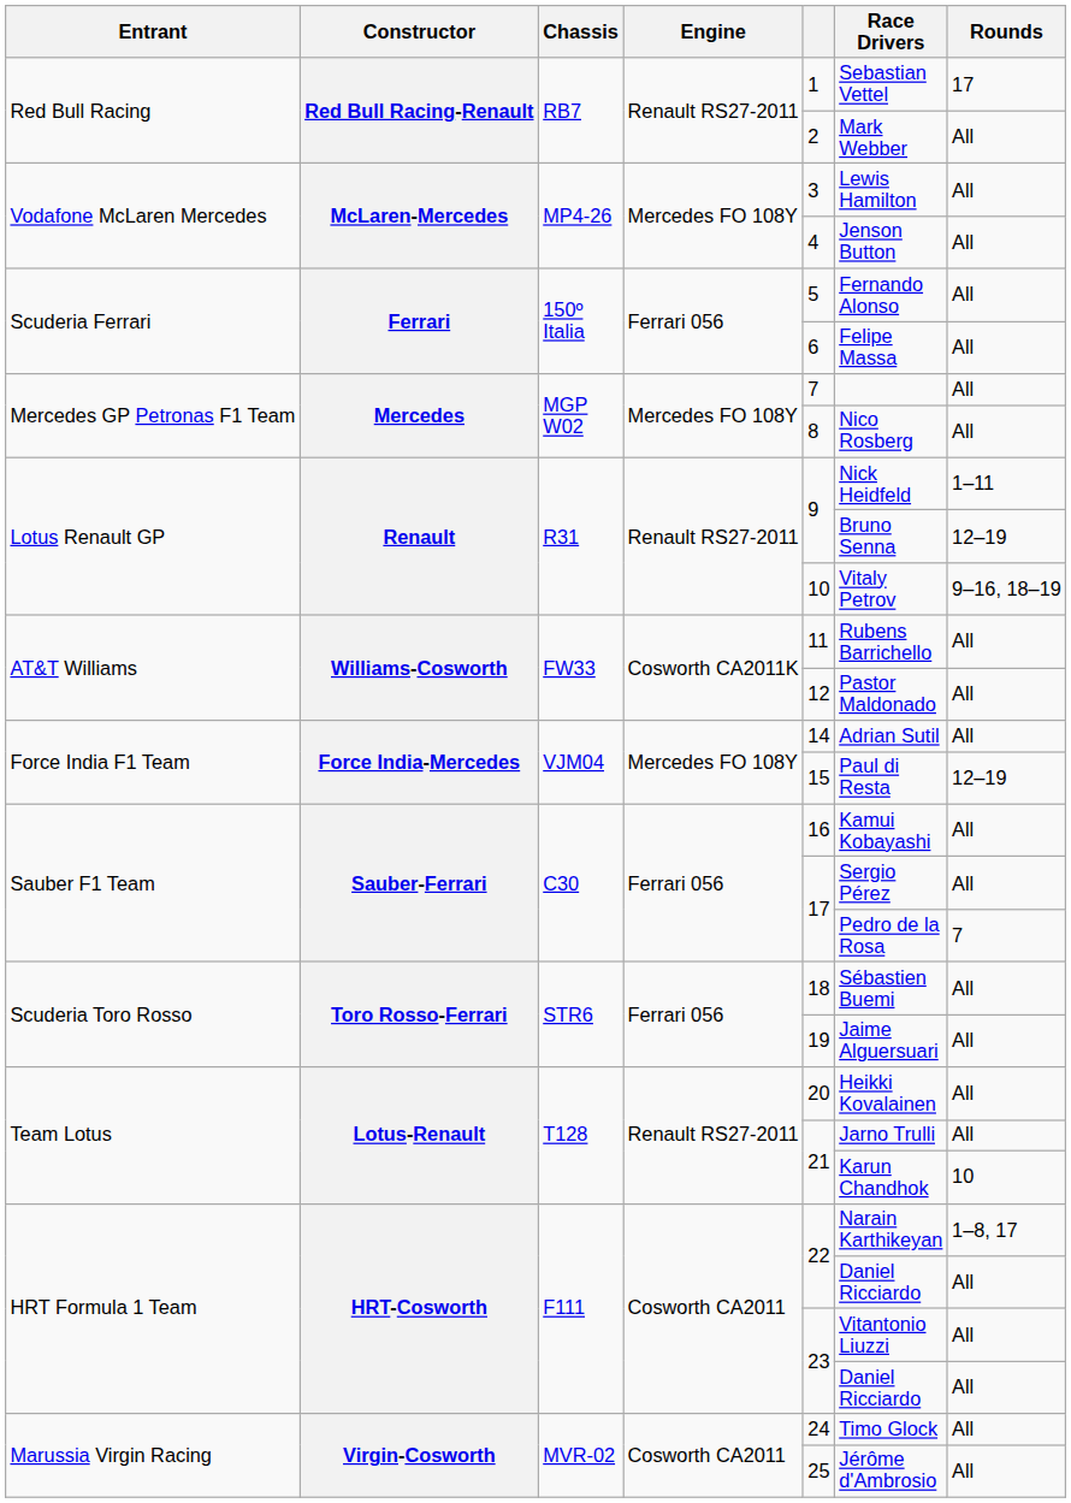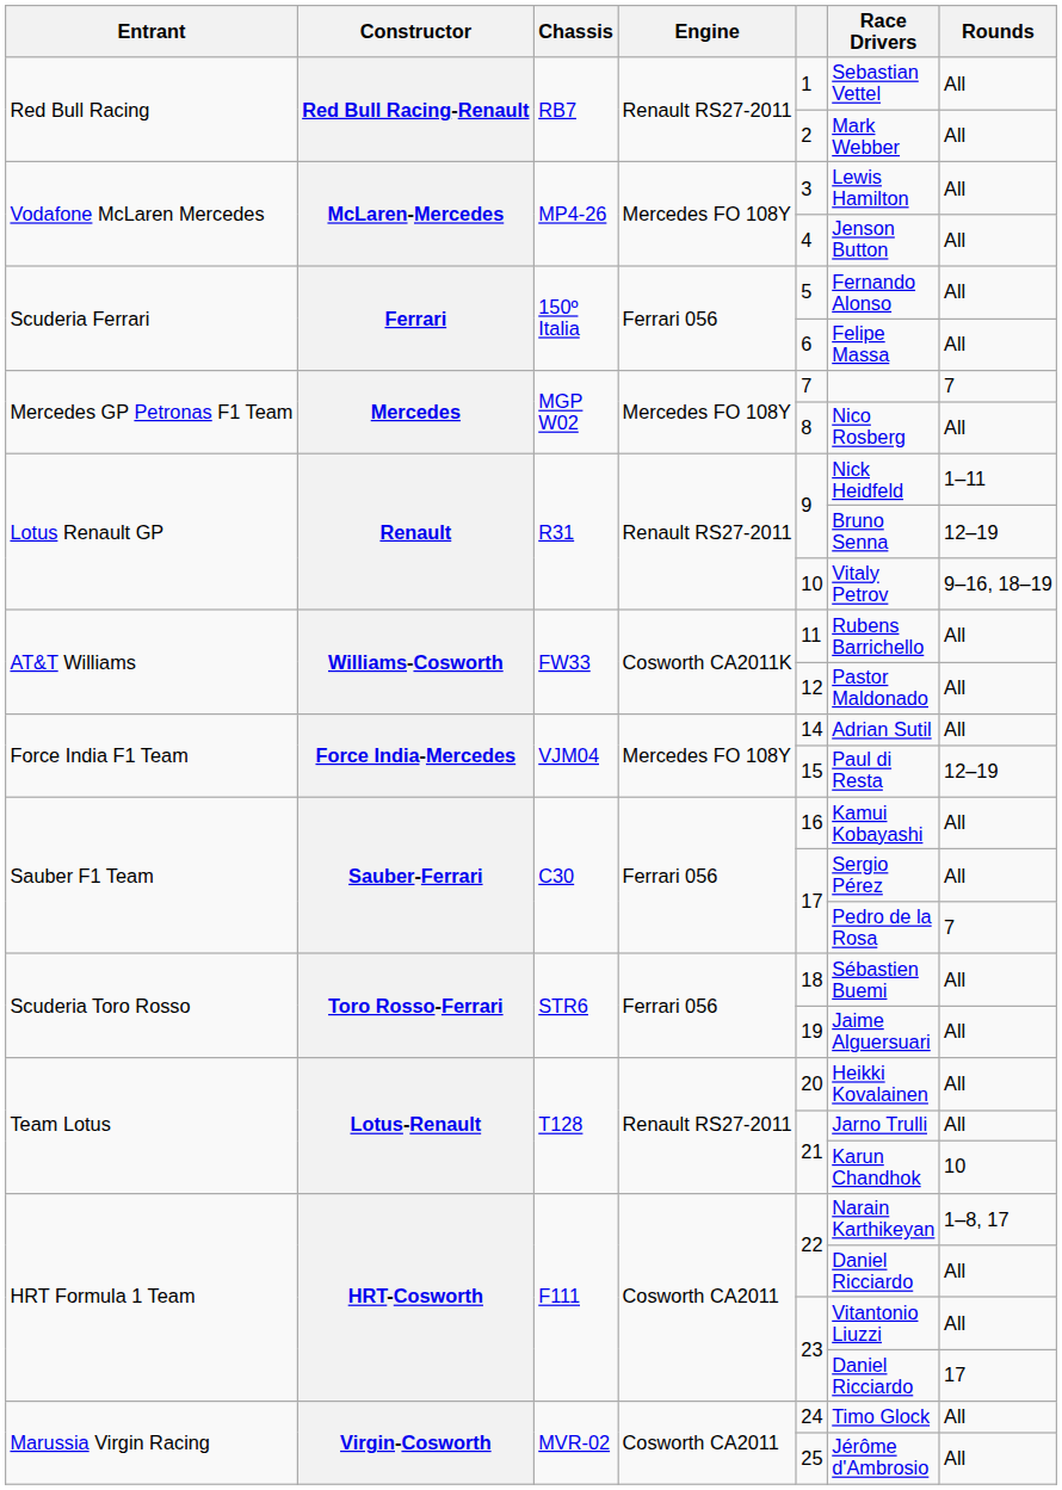 <table class="wikitable sortable" style="font-size: 85%;">
 <tr>
 <th>Entrant</th>
 <th>Constructor</th>
 <th>Chassis</th>
 <th>Engine</th>
 <th></th>
 <th>Race Drivers</th>
 <th>Rounds</th>
 </tr>
 <tr>
 <td rowspan=2> Red Bull Racing</td>
 <th rowspan=2 nowrap><a href='#'>Red Bull Racing</a>-<a href='#'>Renault</a></th>
 <td rowspan=2><a href='#'>RB7</a></td>
 <td rowspan=2>Renault RS27-2011</td>
 <td>1</td>
 <td> <a href='#'>Sebastian Vettel</a></td>
-<td>17</td>
+<td>All</td>
 </tr>
 <tr>
 <td>2</td>
 <td> <a href='#'>Mark Webber</a></td>
 <td>All</td>
 </tr>
 <tr>
 <td rowspan=2> <a href='#'>Vodafone</a> McLaren Mercedes</td>
 <th rowspan=2><a href='#'>McLaren</a>-<a href='#'>Mercedes</a></th>
 <td rowspan=2><a href='#'>MP4-26</a></td>
 <td rowspan=2>Mercedes FO 108Y</td>
 <td>3</td>
 <td> <a href='#'>Lewis Hamilton</a></td>
 <td>All</td>
 </tr>
 <tr>
 <td>4</td>
 <td> <a href='#'>Jenson Button</a></td>
 <td>All</td>
 </tr>
 <tr>
 <td rowspan=2> Scuderia Ferrari</td>
 <th rowspan=2><a href='#'>Ferrari</a></th>
 <td rowspan=2><a href='#'>150º Italia</a></td>
 <td rowspan=2>Ferrari 056</td>
 <td>5</td>
 <td> <a href='#'>Fernando Alonso</a></td>
 <td>All</td>
 </tr>
 <tr>
 <td>6</td>
 <td> <a href='#'>Felipe Massa</a></td>
 <td>All</td>
 </tr>
 <tr>
 <td rowspan=2 nowrap> Mercedes GP <a href='#'>Petronas</a> F1 Team</td>
 <th rowspan=2><a href='#'>Mercedes</a></th>
 <td rowspan=2><a href='#'>MGP W02</a></td>
 <td rowspan=2>Mercedes FO 108Y</td>
 <td>7</td>
 <td></td>
-<td>All</td>
+<td>7</td>
 </tr>
 <tr>
 <td>8</td>
 <td> <a href='#'>Nico Rosberg</a></td>
 <td>All</td>
 </tr>
 <tr>
 <td rowspan=3> <a href='#'>Lotus</a> Renault GP</td>
 <th rowspan=3><a href='#'>Renault</a></th>
 <td rowspan=3><a href='#'>R31</a></td>
 <td rowspan=3>Renault RS27-2011</td>
 <td rowspan=2>9</td>
 <td> <a href='#'>Nick Heidfeld</a></td>
 <td>1–11</td>
 </tr>
 <tr>
 <td> <a href='#'>Bruno Senna</a></td>
 <td>12–19</td>
 </tr>
 <tr>
 <td>10</td>
 <td> <a href='#'>Vitaly Petrov</a></td>
 <td nowrap>9–16, 18–19</td>
 </tr>
 <tr>
 <td rowspan=2> <a href='#'>AT&T</a> Williams</td>
 <th rowspan=2><a href='#'>Williams</a>-<a href='#'>Cosworth</a></th>
 <td rowspan=2><a href='#'>FW33</a></td>
 <td rowspan=2>Cosworth CA2011K</td>
 <td>11</td>
 <td> <a href='#'>Rubens Barrichello</a></td>
 <td>All</td>
 </tr>
 <tr>
 <td>12</td>
 <td> <a href='#'>Pastor Maldonado</a></td>
 <td>All</td>
 </tr>
 <tr>
 <td rowspan=2> Force India F1 Team</td>
 <th rowspan=2><a href='#'>Force India</a>-<a href='#'>Mercedes</a></th>
 <td rowspan=2><a href='#'>VJM04</a></td>
 <td rowspan=2>Mercedes FO 108Y</td>
 <td>14</td>
 <td> <a href='#'>Adrian Sutil</a></td>
 <td>All</td>
 </tr>
 <tr>
 <td>15</td>
 <td> <a href='#'>Paul di Resta</a></td>
 <td>12–19</td>
 </tr>
 <tr>
 <td rowspan=3> Sauber F1 Team</td>
 <th rowspan=3><a href='#'>Sauber</a>-<a href='#'>Ferrari</a></th>
 <td rowspan=3><a href='#'>C30</a></td>
 <td rowspan=3>Ferrari 056</td>
 <td>16</td>
 <td> <a href='#'>Kamui Kobayashi</a></td>
 <td>All</td>
 </tr>
 <tr>
 <td rowspan=2>17</td>
 <td> <a href='#'>Sergio Pérez</a></td>
 <td>All</td>
 </tr>
 <tr>
 <td> <a href='#'>Pedro de la Rosa</a></td>
 <td>7</td>
 </tr>
 <tr>
 <td rowspan=2> Scuderia Toro Rosso</td>
 <th rowspan=2><a href='#'>Toro Rosso</a>-<a href='#'>Ferrari</a></th>
 <td rowspan=2><a href='#'>STR6</a></td>
 <td rowspan=2>Ferrari 056</td>
 <td>18</td>
 <td> <a href='#'>Sébastien Buemi</a></td>
 <td>All</td>
 </tr>
 <tr>
 <td>19</td>
 <td> <a href='#'>Jaime Alguersuari</a></td>
 <td>All</td>
 </tr>
 <tr>
 <td rowspan=3> Team Lotus </td>
 <th rowspan=3><a href='#'>Lotus</a>-<a href='#'>Renault</a></th>
 <td rowspan=3><a href='#'>T128</a></td>
 <td rowspan=3 nowrap>Renault RS27-2011</td>
 <td>20</td>
 <td> <a href='#'>Heikki Kovalainen</a></td>
 <td>All</td>
 </tr>
 <tr>
 <td rowspan=2>21</td>
 <td> <a href='#'>Jarno Trulli</a></td>
 <td>All</td>
 </tr>
 <tr>
 <td> <a href='#'>Karun Chandhok</a></td>
 <td>10</td>
 </tr>
 <tr>
 <td rowspan=4> HRT Formula 1 Team</td>
 <th rowspan=4><a href='#'>HRT</a>-<a href='#'>Cosworth</a></th>
 <td rowspan=4><a href='#'>F111</a></td>
 <td rowspan=4>Cosworth CA2011</td>
 <td rowspan=2>22</td>
 <td> <a href='#'>Narain Karthikeyan</a></td>
 <td>1–8, 17</td>
 </tr>
 <tr>
 <td> <a href='#'>Daniel Ricciardo</a></td>
 <td>All</td>
 </tr>
 <tr>
 <td rowspan="2">23</td>
 <td> <a href='#'>Vitantonio Liuzzi</a></td>
 <td>All</td>
 </tr>
 <tr>
 <td> <a href='#'>Daniel Ricciardo</a></td>
-<td>All</td>
+<td>17</td>
 </tr>
 <tr>
 <td rowspan=2> <a href='#'>Marussia</a> Virgin Racing</td>
 <th rowspan=2><a href='#'>Virgin</a>-<a href='#'>Cosworth</a></th>
 <td rowspan=2><a href='#'>MVR-02</a></td>
 <td rowspan=2>Cosworth CA2011</td>
 <td>24</td>
 <td> <a href='#'>Timo Glock</a></td>
 <td>All</td>
 </tr>
 <tr>
 <td>25</td>
 <td> <a href='#'>Jérôme d'Ambrosio</a></td>
 <td>All</td>
 </tr>
 </table>
